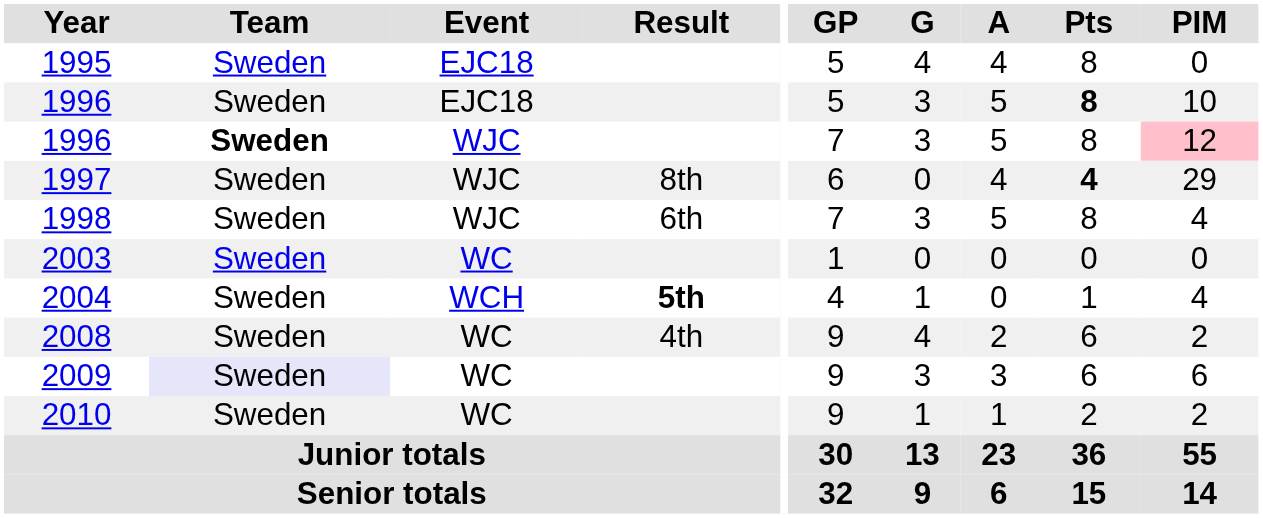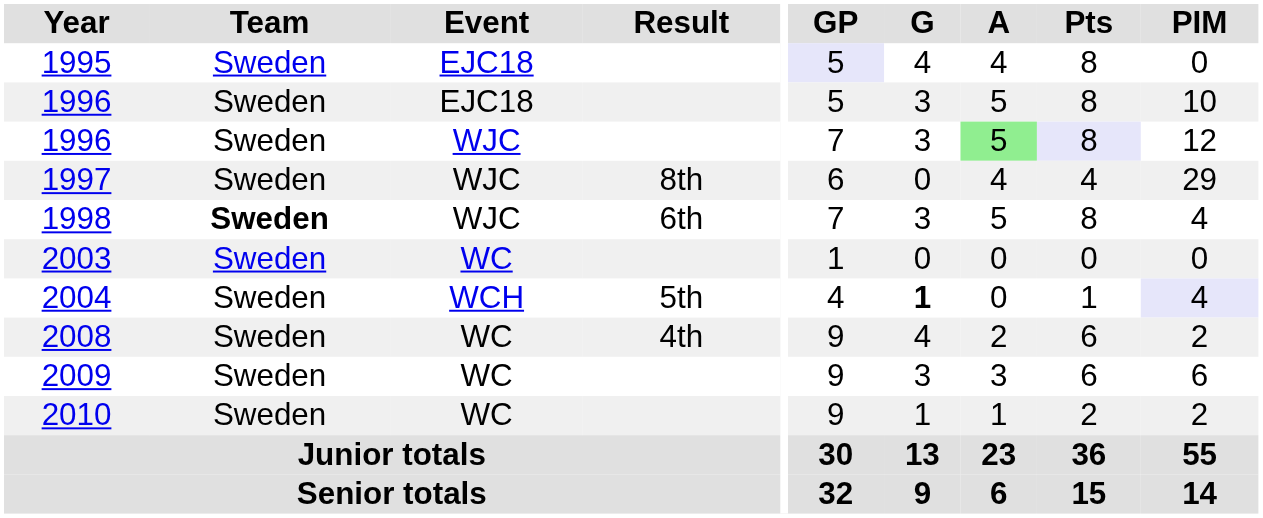 <table border="0" cellpadding="1" cellspacing="0" ID="Table3" style="text-align:center; width:40em">
 <tr ALIGN="center" bgcolor="#e0e0e0">
 <th>Year</th>
 <th>Team</th>
 <th>Event</th>
 <th>Result</th>
 <th rowspan="99" bgcolor="#ffffff"></th>
 <th>GP</th>
 <th>G</th>
 <th>A</th>
 <th>Pts</th>
 <th>PIM</th>
 </tr>
 <tr>
 <td><a href='#'>1995</a></td>
 <td><a href='#'>Sweden</a></td>
 <td><a href='#'>EJC18</a></td>
 <td></td>
-<td>5</td>
+<td style="background: lavender;">5</td>
 <td>4</td>
 <td>4</td>
 <td>8</td>
 <td>0</td>
 </tr>
 <tr bgcolor="#f0f0f0">
 <td><a href='#'>1996</a></td>
 <td>Sweden</td>
 <td>EJC18</td>
 <td></td>
 <td>5</td>
 <td>3</td>
 <td>5</td>
-<td><strong>8</strong></td>
+<td>8</td>
 <td>10</td>
 </tr>
 <tr>
 <td><a href='#'>1996</a></td>
-<td><strong>Sweden</strong></td>
+<td>Sweden</td>
 <td><a href='#'>WJC</a></td>
 <td></td>
 <td>7</td>
 <td>3</td>
-<td>5</td>
-<td>8</td>
-<td style="background: pink;">12</td>
+<td style="background: lightgreen;">5</td>
+<td style="background: lavender;">8</td>
+<td>12</td>
 </tr>
 <tr bgcolor="#f0f0f0">
 <td><a href='#'>1997</a></td>
 <td>Sweden</td>
 <td>WJC</td>
 <td>8th</td>
 <td>6</td>
 <td>0</td>
 <td>4</td>
-<td><strong>4</strong></td>
+<td>4</td>
 <td>29</td>
 </tr>
 <tr>
 <td><a href='#'>1998</a></td>
-<td>Sweden</td>
+<td><strong>Sweden</strong></td>
 <td>WJC</td>
 <td>6th</td>
 <td>7</td>
 <td>3</td>
 <td>5</td>
 <td>8</td>
 <td>4</td>
 </tr>
 <tr bgcolor="#f0f0f0">
 <td><a href='#'>2003</a></td>
 <td><a href='#'>Sweden</a></td>
 <td><a href='#'>WC</a></td>
 <td></td>
 <td>1</td>
 <td>0</td>
 <td>0</td>
 <td>0</td>
 <td>0</td>
 </tr>
 <tr>
 <td><a href='#'>2004</a></td>
 <td>Sweden</td>
 <td><a href='#'>WCH</a></td>
-<td><strong>5th</strong></td>
+<td>5th</td>
 <td>4</td>
-<td>1</td>
+<td><strong>1</strong></td>
 <td>0</td>
 <td>1</td>
-<td>4</td>
+<td style="background: lavender;">4</td>
 </tr>
 <tr bgcolor="#f0f0f0">
 <td><a href='#'>2008</a></td>
 <td>Sweden</td>
 <td>WC</td>
 <td>4th</td>
 <td>9</td>
 <td>4</td>
 <td>2</td>
 <td>6</td>
 <td>2</td>
 </tr>
 <tr>
 <td><a href='#'>2009</a></td>
-<td style="background: lavender;">Sweden</td>
+<td>Sweden</td>
 <td>WC</td>
 <td></td>
 <td>9</td>
 <td>3</td>
 <td>3</td>
 <td>6</td>
 <td>6</td>
 </tr>
 <tr bgcolor="#f0f0f0">
 <td><a href='#'>2010</a></td>
 <td>Sweden</td>
 <td>WC</td>
 <td></td>
 <td>9</td>
 <td>1</td>
 <td>1</td>
 <td>2</td>
 <td>2</td>
 </tr>
 <tr bgcolor="#e0e0e0">
 <th colspan="4">Junior totals</th>
 <th>30</th>
 <th>13</th>
 <th>23</th>
 <th>36</th>
 <th>55</th>
 </tr>
 <tr bgcolor="#e0e0e0">
 <th colspan="4">Senior totals</th>
 <th>32</th>
 <th>9</th>
 <th>6</th>
 <th>15</th>
 <th>14</th>
 </tr>
 </table>
